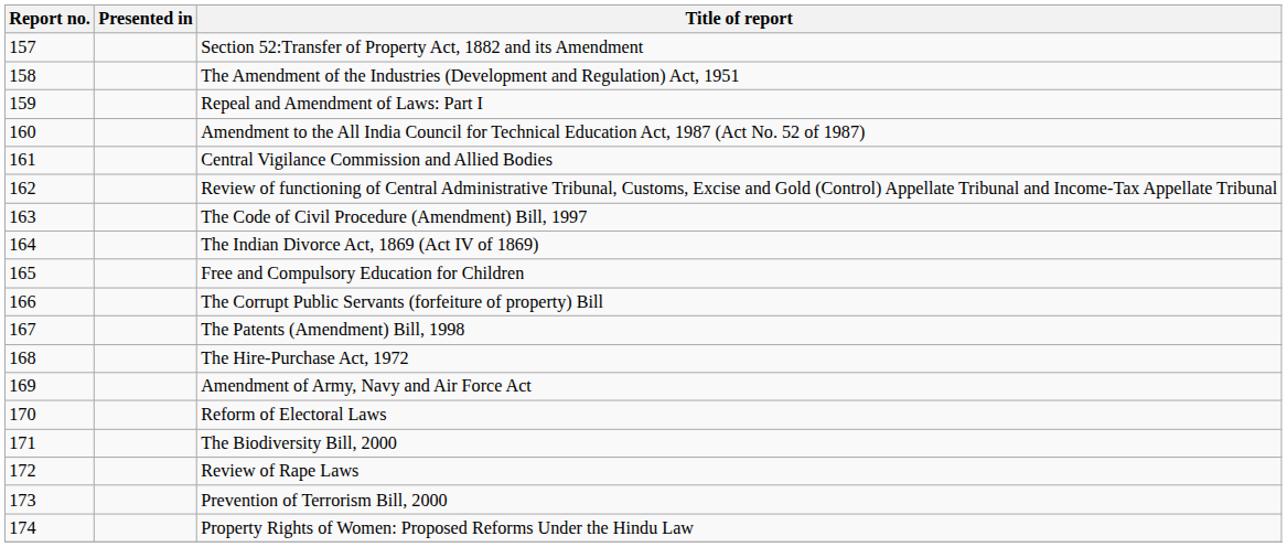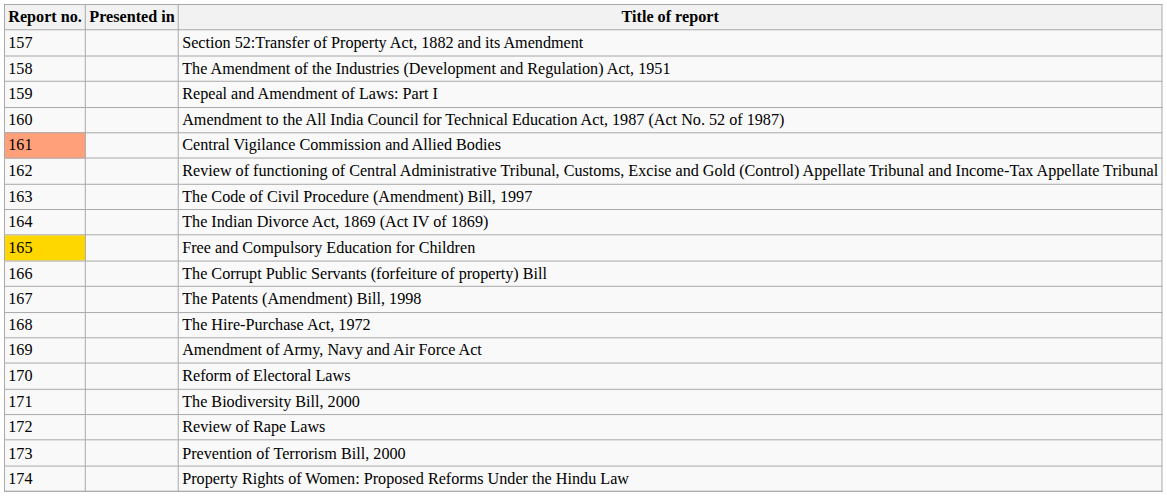 <table class="wikitable">
 <tr>
 <th>Report no.</th>
 <th>Presented in</th>
 <th>Title of report</th>
 </tr>
 <tr>
 <td>157</td>
 <td></td>
 <td>Section 52:Transfer of Property Act, 1882 and its Amendment</td>
 </tr>
 <tr>
 <td>158</td>
 <td></td>
 <td>The Amendment of the Industries (Development and Regulation) Act, 1951</td>
 </tr>
 <tr>
 <td>159</td>
 <td></td>
 <td>Repeal and Amendment of Laws: Part I</td>
 </tr>
 <tr>
 <td>160</td>
 <td></td>
 <td>Amendment to the All India Council for Technical Education Act, 1987 (Act No. 52 of 1987)</td>
 </tr>
 <tr>
-<td>161</td>
+<td style="background: lightsalmon;">161</td>
 <td></td>
 <td>Central Vigilance Commission and Allied Bodies</td>
 </tr>
 <tr>
 <td>162</td>
 <td></td>
 <td>Review of functioning of Central Administrative Tribunal, Customs, Excise and Gold (Control) Appellate Tribunal and Income-Tax Appellate Tribunal</td>
 </tr>
 <tr>
 <td>163</td>
 <td></td>
 <td>The Code of Civil Procedure (Amendment) Bill, 1997</td>
 </tr>
 <tr>
 <td>164</td>
 <td></td>
 <td>The Indian Divorce Act, 1869 (Act IV of 1869)</td>
 </tr>
 <tr>
-<td>165</td>
+<td style="background: gold;">165</td>
 <td></td>
 <td>Free and Compulsory Education for Children</td>
 </tr>
 <tr>
 <td>166</td>
 <td></td>
 <td>The Corrupt Public Servants (forfeiture of property) Bill</td>
 </tr>
 <tr>
 <td>167</td>
 <td></td>
 <td>The Patents (Amendment) Bill, 1998</td>
 </tr>
 <tr>
 <td>168</td>
 <td></td>
 <td>The Hire-Purchase Act, 1972</td>
 </tr>
 <tr>
 <td>169</td>
 <td></td>
 <td>Amendment of Army, Navy and Air Force Act</td>
 </tr>
 <tr>
 <td>170</td>
 <td></td>
 <td>Reform of Electoral Laws</td>
 </tr>
 <tr>
 <td>171</td>
 <td></td>
 <td>The Biodiversity Bill, 2000</td>
 </tr>
 <tr>
 <td>172</td>
 <td></td>
 <td>Review of Rape Laws</td>
 </tr>
 <tr>
 <td>173</td>
 <td></td>
 <td>Prevention of Terrorism Bill, 2000</td>
 </tr>
 <tr>
 <td>174</td>
 <td></td>
 <td>Property Rights of Women: Proposed Reforms Under the Hindu Law</td>
 </tr>
 <tr>
 </tr>
 </table>
